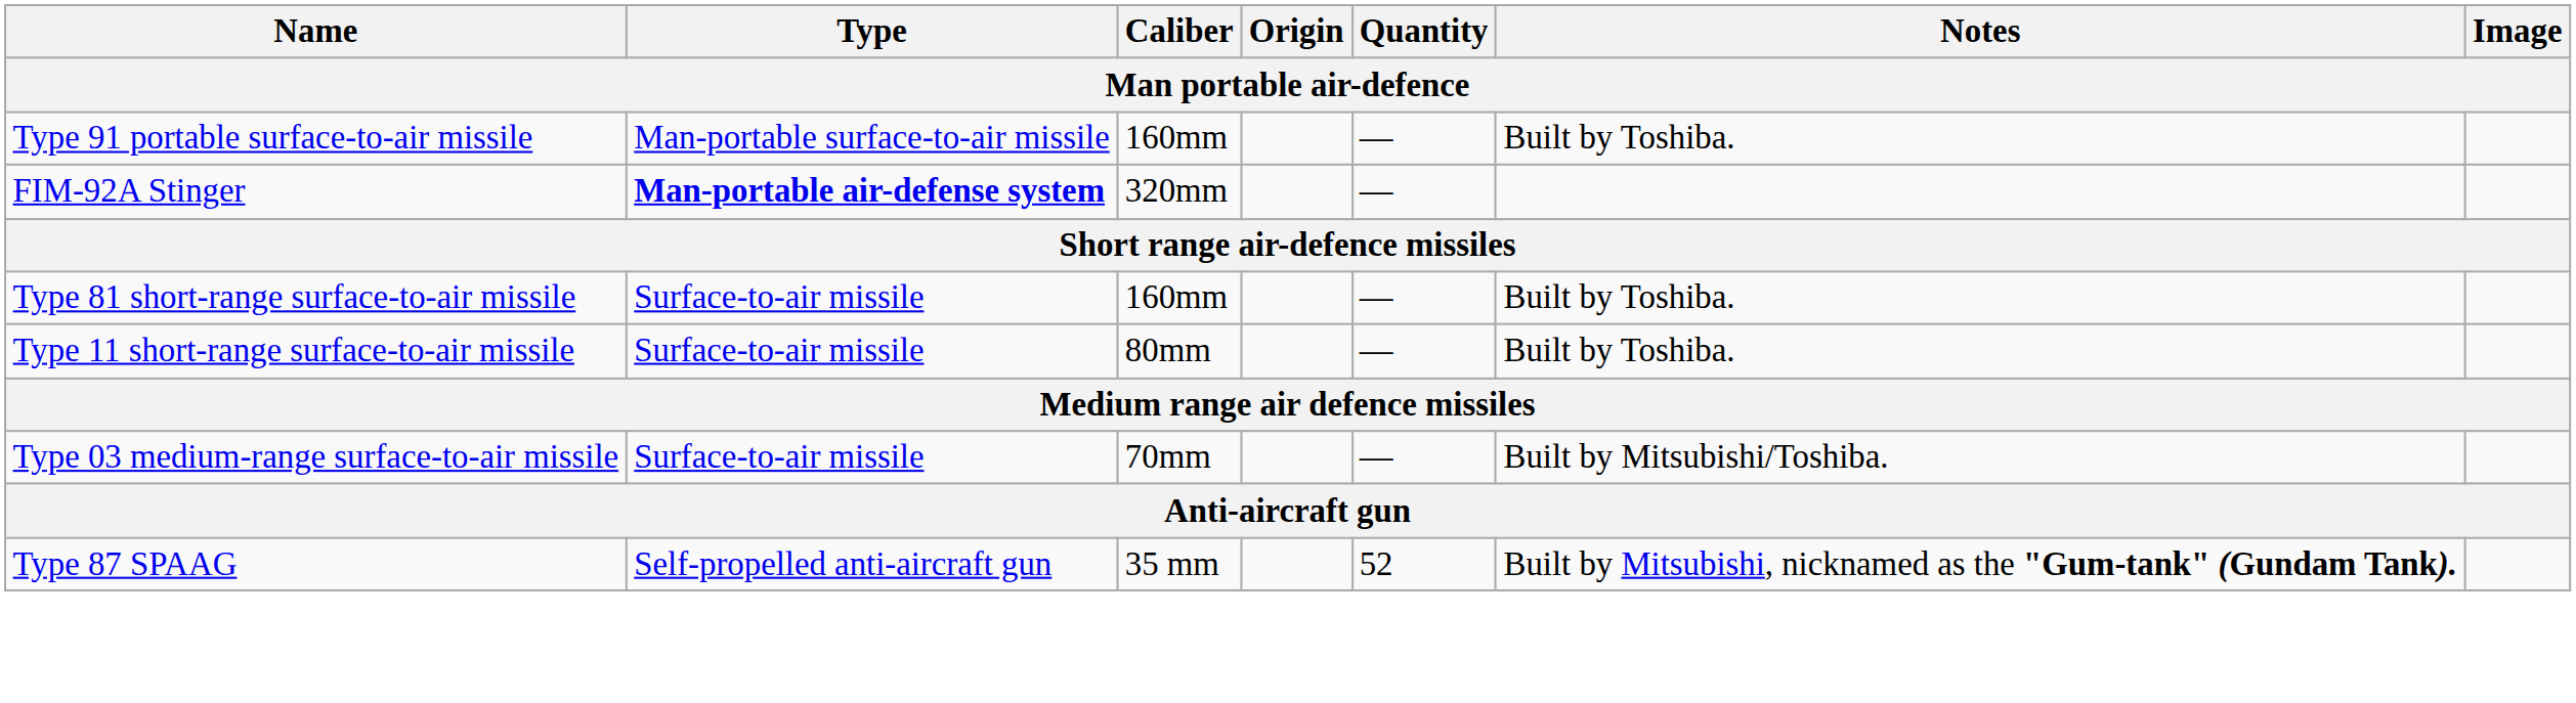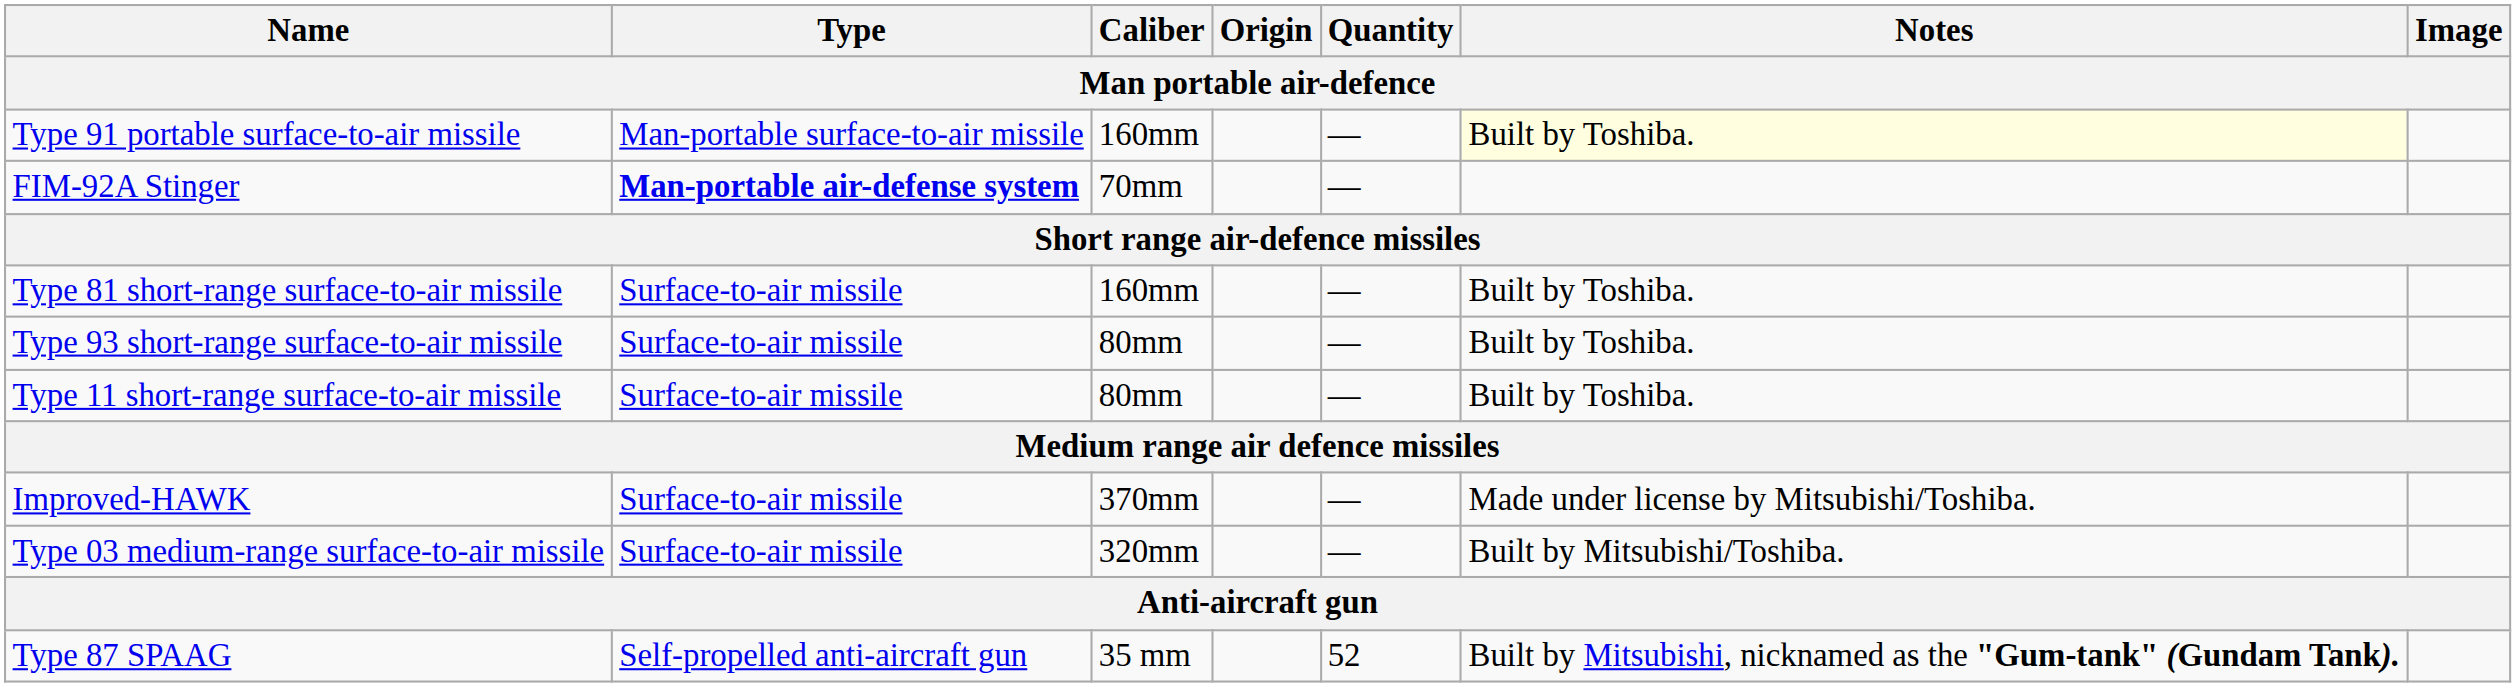 <table class="wikitable">
 <tr>
 <th style="align: center;">Name</th>
 <th>Type</th>
 <th>Caliber</th>
 <th>Origin</th>
 <th>Quantity</th>
 <th>Notes</th>
 <th>Image</th>
 </tr>
 <tr>
 <th colspan="7">Man portable air-defence</th>
 </tr>
 <tr>
 <td><a href='#'>Type 91 portable surface-to-air missile</a></td>
 <td><a href='#'>Man-portable surface-to-air missile</a></td>
 <td>160mm</td>
 <td></td>
 <td>—</td>
-<td>Built by Toshiba.</td>
+<td style="background: lightyellow;">Built by Toshiba.</td>
 <td></td>
 </tr>
 <tr>
 <td><a href='#'>FIM-92A Stinger</a></td>
 <td><strong><a href='#'>Man-portable air-defense system</a></strong></td>
-<td>320mm</td>
+<td>70mm</td>
 <td></td>
 <td>—</td>
 <td></td>
 <td></td>
 </tr>
 <tr>
 <th colspan="7">Short range air-defence missiles</th>
 </tr>
 <tr>
 <td><a href='#'>Type 81 short-range surface-to-air missile</a></td>
 <td><a href='#'>Surface-to-air missile</a></td>
 <td>160mm</td>
 <td></td>
 <td>—</td>
 <td>Built by Toshiba.</td>
 <td></td>
 </tr>
 <tr>
+<td><a href='#'>Type 93 short-range surface-to-air missile</a></td>
+<td><a href='#'>Surface-to-air missile</a></td>
+<td>80mm</td>
+<td></td>
+<td>—</td>
+<td>Built by Toshiba.</td>
+<td></td>
+</tr>
+<tr>
 <td><a href='#'>Type 11 short-range surface-to-air missile</a></td>
 <td><a href='#'>Surface-to-air missile</a></td>
 <td>80mm</td>
 <td></td>
 <td>—</td>
 <td>Built by Toshiba.</td>
 <td><br></td>
 </tr>
 <tr>
 <th colspan="7">Medium range air defence missiles</th>
 </tr>
 <tr>
+<td><a href='#'>Improved-HAWK</a></td>
+<td><a href='#'>Surface-to-air missile</a></td>
+<td>370mm</td>
+<td></td>
+<td>—</td>
+<td>Made under license by Mitsubishi/Toshiba.</td>
+<td></td>
+</tr>
+<tr>
 <td><a href='#'>Type 03 medium-range surface-to-air missile</a></td>
 <td><a href='#'>Surface-to-air missile</a></td>
-<td>70mm</td>
+<td>320mm</td>
 <td></td>
 <td>—</td>
 <td>Built by Mitsubishi/Toshiba.</td>
 <td></td>
 </tr>
 <tr>
 <th colspan="7">Anti-aircraft gun</th>
 </tr>
 <tr>
 <td><a href='#'>Type 87 SPAAG</a></td>
 <td><a href='#'>Self-propelled anti-aircraft gun</a></td>
 <td>35 mm</td>
 <td></td>
 <td>52</td>
 <td>Built by <a href='#'>Mitsubishi</a>, nicknamed as the <strong>"Gum-tank"<em> (</em>Gundam Tank<em>).</td>
 <td></td>
 </tr>
 </table>
